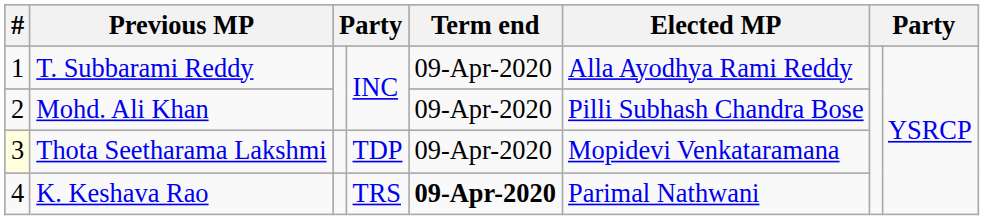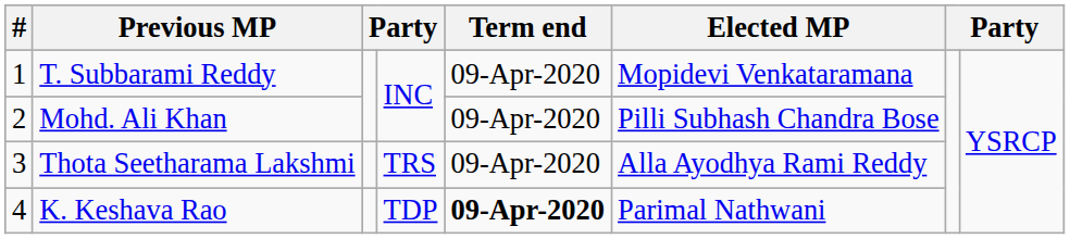 <table class="wikitable sortable">
 <tr>
 <th>#</th>
 <th>Previous MP</th>
 <th colspan="2">Party</th>
 <th>Term end</th>
 <th>Elected MP</th>
 <th colspan="2">Party</th>
 </tr>
 <tr>
 <td>1</td>
 <td><a href='#'>T. Subbarami Reddy</a></td>
 <td rowspan=2></td>
 <td rowspan="2"><a href='#'>INC</a></td>
 <td>09-Apr-2020</td>
-<td><a href='#'>Alla Ayodhya Rami Reddy</a></td>
+<td><a href='#'>Mopidevi Venkataramana</a></td>
 <td rowspan=4></td>
 <td rowspan="4"><a href='#'>YSRCP</a></td>
 </tr>
 <tr>
 <td>2</td>
 <td><a href='#'>Mohd. Ali Khan</a></td>
 <td>09-Apr-2020</td>
 <td><a href='#'>Pilli Subhash Chandra Bose</a></td>
 </tr>
 <tr>
-<td style="background: lightyellow;">3</td>
+<td>3</td>
 <td><a href='#'>Thota Seetharama Lakshmi</a></td>
 <td></td>
-<td><a href='#'>TDP</a></td>
+<td><a href='#'>TRS</a></td>
 <td>09-Apr-2020</td>
-<td><a href='#'>Mopidevi Venkataramana</a></td>
+<td><a href='#'>Alla Ayodhya Rami Reddy</a></td>
 </tr>
 <tr>
 <td>4</td>
 <td><a href='#'>K. Keshava Rao</a></td>
 <td width="1px"></td>
-<td><a href='#'>TRS</a></td>
+<td><a href='#'>TDP</a></td>
 <td><strong>09-Apr-2020</strong></td>
 <td><a href='#'>Parimal Nathwani</a></td>
 </tr>
 </table>
